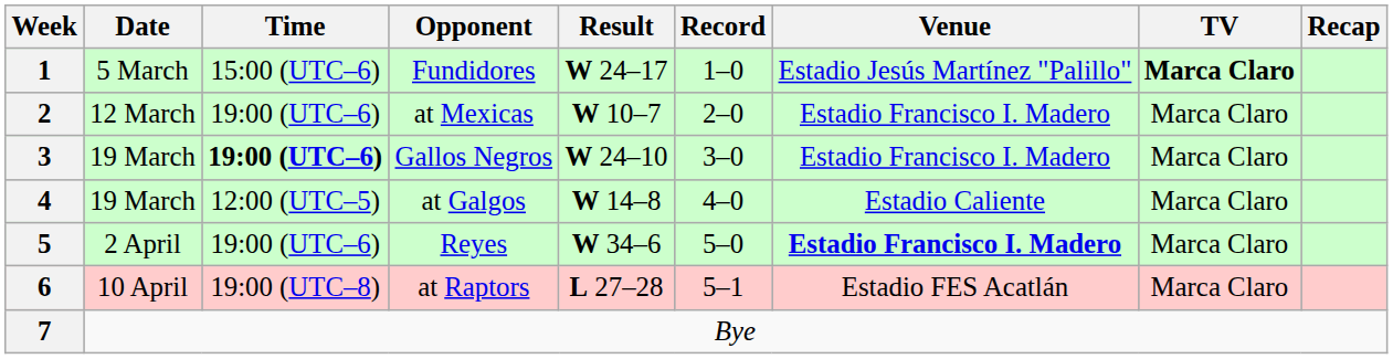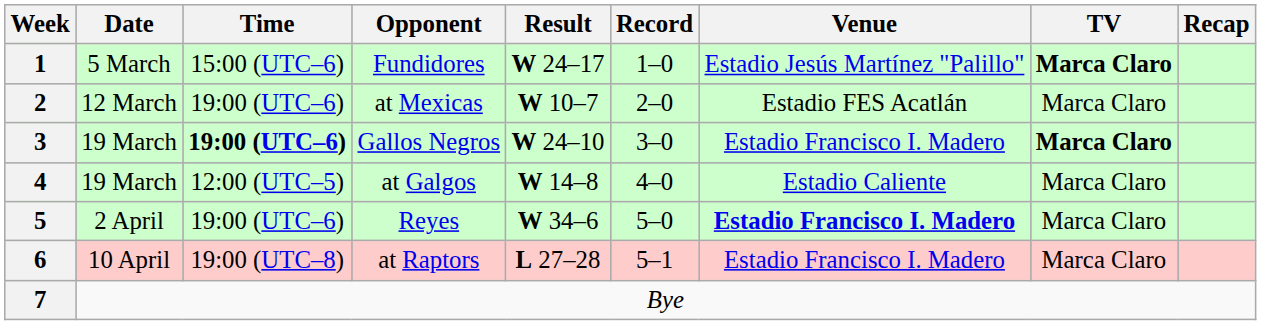 <table class="wikitable" style="text-align:center">
 <tr>
 <th>Week</th>
 <th>Date</th>
 <th>Time</th>
 <th>Opponent</th>
 <th>Result</th>
 <th>Record</th>
 <th>Venue</th>
 <th>TV</th>
 <th>Recap</th>
 </tr>
 <tr style="background:#cfc">
 <th>1</th>
 <td>5 March</td>
 <td>15:00 (<a href='#'>UTC–6</a>)</td>
 <td><a href='#'>Fundidores</a></td>
 <td><strong>W</strong> 24–17 </td>
 <td>1–0</td>
 <td><a href='#'>Estadio Jesús Martínez "Palillo"</a></td>
 <td><strong>Marca Claro</strong></td>
 <td></td>
 </tr>
 <tr style="background:#cfc">
 <th>2</th>
 <td>12 March</td>
 <td>19:00 (<a href='#'>UTC–6</a>)</td>
 <td>at <a href='#'>Mexicas</a></td>
 <td><strong>W</strong> 10–7</td>
 <td>2–0</td>
-<td><a href='#'>Estadio Francisco I. Madero</a></td>
+<td>Estadio FES Acatlán</td>
 <td>Marca Claro</td>
 <td></td>
 </tr>
 <tr style="background:#cfc">
 <th>3</th>
 <td>19 March</td>
 <td><strong>19:00 (<a href='#'>UTC–6</a>)</strong></td>
 <td><a href='#'>Gallos Negros</a></td>
 <td><strong>W</strong> 24–10</td>
 <td>3–0</td>
 <td><a href='#'>Estadio Francisco I. Madero</a></td>
-<td>Marca Claro</td>
+<td><strong>Marca Claro</strong></td>
 <td></td>
 </tr>
 <tr style="background:#cfc">
 <th>4</th>
 <td>19 March</td>
 <td>12:00 (<a href='#'>UTC–5</a>)</td>
 <td>at <a href='#'>Galgos</a></td>
 <td><strong>W</strong> 14–8</td>
 <td>4–0</td>
 <td><a href='#'>Estadio Caliente</a></td>
 <td>Marca Claro</td>
 <td></td>
 </tr>
 <tr style="background:#cfc">
 <th>5</th>
 <td>2 April</td>
 <td>19:00 (<a href='#'>UTC–6</a>)</td>
 <td><a href='#'>Reyes</a></td>
 <td><strong>W</strong> 34–6</td>
 <td>5–0</td>
 <td><strong><a href='#'>Estadio Francisco I. Madero</a></strong></td>
 <td>Marca Claro</td>
 <td></td>
 </tr>
 <tr style="background:#fcc">
 <th>6</th>
 <td>10 April</td>
 <td>19:00 (<a href='#'>UTC–8</a>)</td>
 <td>at <a href='#'>Raptors</a></td>
 <td><strong>L</strong> 27–28</td>
 <td>5–1</td>
-<td>Estadio FES Acatlán</td>
+<td><a href='#'>Estadio Francisco I. Madero</a></td>
 <td>Marca Claro</td>
 <td></td>
 </tr>
 <tr>
 <th>7</th>
 <td colspan=8><em>Bye</em></td>
 </tr>
 </table>
